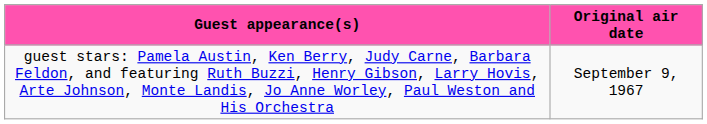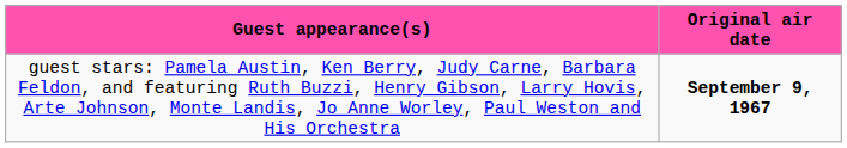 <table class="wikitable" border="1" style="width:100%; text-align: center;">
 <tr>
 <th style="background-color: #FF52AF" width="33%">Guest appearance(s)</th>
 <th style="background-color: #FF52AF" width="7%">Original air date</th>
 </tr>
 <tr>
 <td>guest stars: <a href='#'>Pamela Austin</a>, <a href='#'>Ken Berry</a>, <a href='#'>Judy Carne</a>, <a href='#'>Barbara Feldon</a>, and featuring <a href='#'>Ruth Buzzi</a>, <a href='#'>Henry Gibson</a>, <a href='#'>Larry Hovis</a>, <a href='#'>Arte Johnson</a>, <a href='#'>Monte Landis</a>, <a href='#'>Jo Anne Worley</a>, <a href='#'>Paul Weston and His Orchestra</a></td>
-<td>September 9, 1967</td>
+<td><strong>September 9, 1967</strong></td>
 </tr>
 </table>
